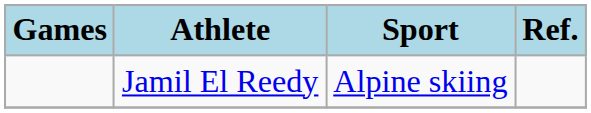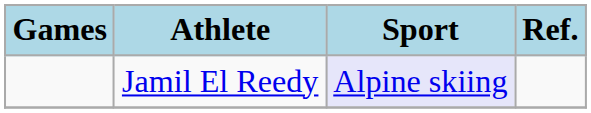 <table class="wikitable" style="text-align:center">
 <tr>
 <th style="background-color:lightblue">Games</th>
 <th style="background-color:lightblue">Athlete</th>
 <th style="background-color:lightblue">Sport</th>
 <th style="background-color:lightblue">Ref.</th>
 </tr>
 <tr>
 <td align=left></td>
 <td><a href='#'>Jamil El Reedy</a></td>
-<td><a href='#'>Alpine skiing</a></td>
+<td style="background: lavender;"><a href='#'>Alpine skiing</a></td>
 <td></td>
 </tr>
 <tr>
 </tr>
 </table>
